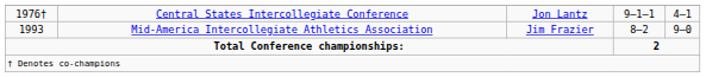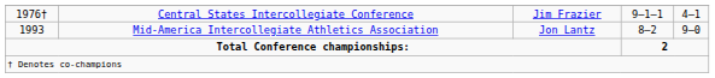 <table class="wikitable" width="70%">
 <tr>
 </tr>
 <tr align="center">
 <td>1976†</td>
 <td><a href='#'>Central States Intercollegiate Conference</a></td>
-<td><a href='#'>Jon Lantz</a></td>
+<td><a href='#'>Jim Frazier</a></td>
 <td>9–1–1</td>
 <td>4–1</td>
 </tr>
 <tr align="center">
 <td>1993</td>
 <td><a href='#'>Mid-America Intercollegiate Athletics Association</a></td>
-<td><a href='#'>Jim Frazier</a></td>
+<td><a href='#'>Jon Lantz</a></td>
 <td>8–2</td>
 <td>9–0</td>
 </tr>
 <tr align="center">
 <td colspan=3><strong>Total Conference championships:</strong></td>
 <td colspan=2><strong>2</strong></td>
 </tr>
 <tr>
 <td colspan=7><small>† Denotes co-champions</small></td>
 </tr>
 </table>
